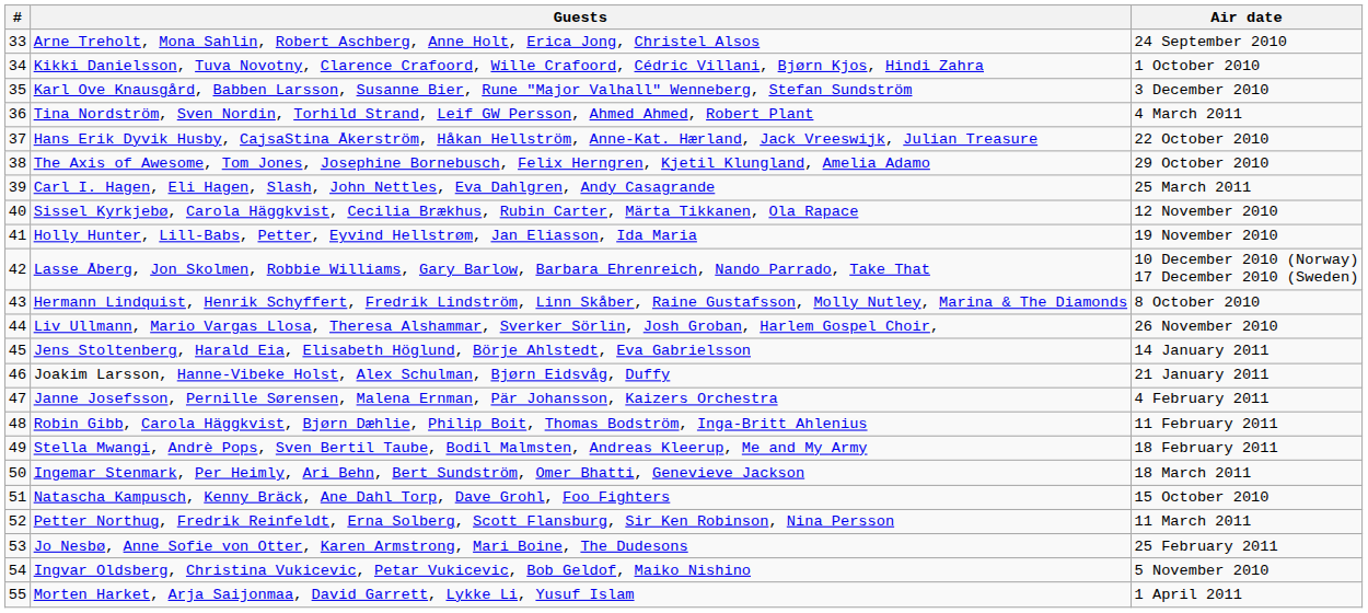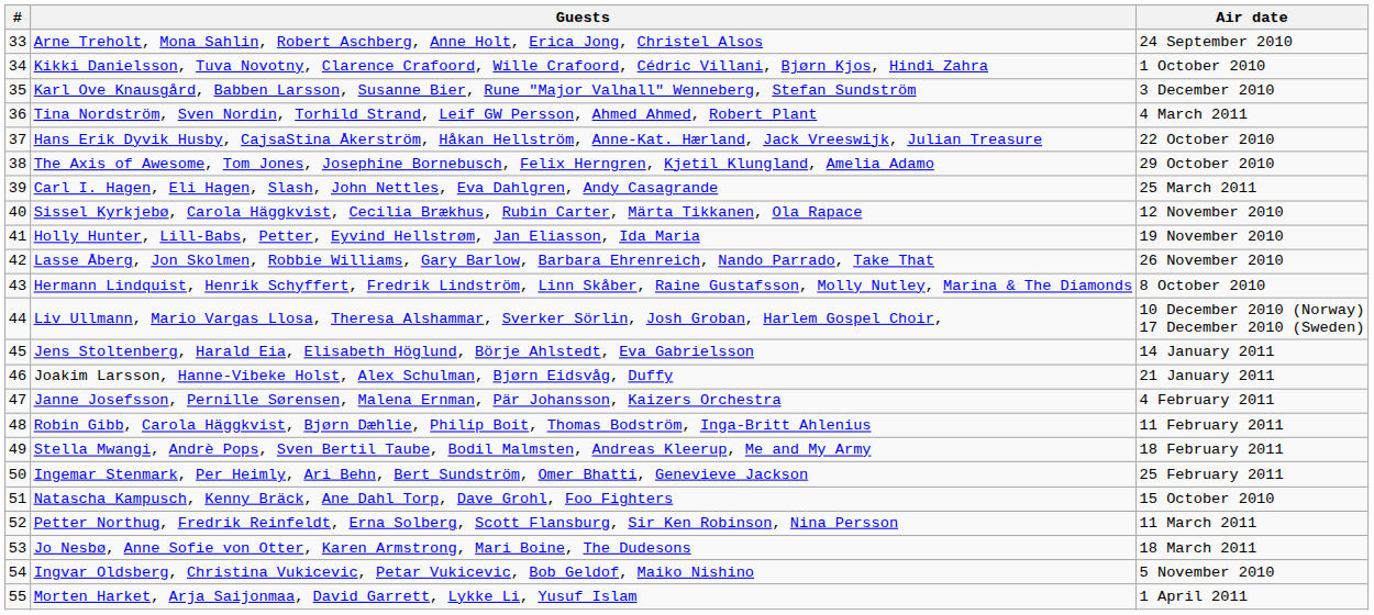 <table class="wikitable">
 <tr>
 <th>#</th>
 <th>Guests</th>
 <th>Air date</th>
 </tr>
 <tr>
 <td>33</td>
 <td><a href='#'>Arne Treholt</a>, <a href='#'>Mona Sahlin</a>, <a href='#'>Robert Aschberg</a>, <a href='#'>Anne Holt</a>, <a href='#'>Erica Jong</a>, <a href='#'>Christel Alsos</a></td>
 <td>24 September 2010</td>
 </tr>
 <tr>
 <td>34</td>
 <td><a href='#'>Kikki Danielsson</a>, <a href='#'>Tuva Novotny</a>, <a href='#'>Clarence Crafoord</a>, <a href='#'>Wille Crafoord</a>, <a href='#'>Cédric Villani</a>, <a href='#'>Bjørn Kjos</a>, <a href='#'>Hindi Zahra</a></td>
 <td>1 October 2010</td>
 </tr>
 <tr>
 <td>35</td>
 <td><a href='#'>Karl Ove Knausgård</a>, <a href='#'>Babben Larsson</a>, <a href='#'>Susanne Bier</a>, <a href='#'>Rune "Major Valhall" Wenneberg</a>, <a href='#'>Stefan Sundström</a></td>
 <td>3 December 2010</td>
 </tr>
 <tr>
 <td>36</td>
 <td><a href='#'>Tina Nordström</a>, <a href='#'>Sven Nordin</a>, <a href='#'>Torhild Strand</a>, <a href='#'>Leif GW Persson</a>, <a href='#'>Ahmed Ahmed</a>, <a href='#'>Robert Plant</a></td>
 <td>4 March 2011</td>
 </tr>
 <tr>
 <td>37</td>
 <td><a href='#'>Hans Erik Dyvik Husby</a>, <a href='#'>CajsaStina Åkerström</a>, <a href='#'>Håkan Hellström</a>, <a href='#'>Anne-Kat. Hærland</a>, <a href='#'>Jack Vreeswijk</a>, <a href='#'>Julian Treasure</a></td>
 <td>22 October 2010</td>
 </tr>
 <tr>
 <td>38</td>
 <td><a href='#'>The Axis of Awesome</a>, <a href='#'>Tom Jones</a>, <a href='#'>Josephine Bornebusch</a>, <a href='#'>Felix Herngren</a>, <a href='#'>Kjetil Klungland</a>, <a href='#'>Amelia Adamo</a></td>
 <td>29 October 2010</td>
 </tr>
 <tr>
 <td>39</td>
 <td><a href='#'>Carl I. Hagen</a>, <a href='#'>Eli Hagen</a>, <a href='#'>Slash</a>, <a href='#'>John Nettles</a>, <a href='#'>Eva Dahlgren</a>, <a href='#'>Andy Casagrande</a></td>
 <td>25 March 2011</td>
 </tr>
 <tr>
 <td>40</td>
 <td><a href='#'>Sissel Kyrkjebø</a>, <a href='#'>Carola Häggkvist</a>, <a href='#'>Cecilia Brækhus</a>, <a href='#'>Rubin Carter</a>, <a href='#'>Märta Tikkanen</a>, <a href='#'>Ola Rapace</a></td>
 <td>12 November 2010</td>
 </tr>
 <tr>
 <td>41</td>
 <td><a href='#'>Holly Hunter</a>, <a href='#'>Lill-Babs</a>, <a href='#'>Petter</a>, <a href='#'>Eyvind Hellstrøm</a>, <a href='#'>Jan Eliasson</a>, <a href='#'>Ida Maria</a></td>
 <td>19 November 2010</td>
 </tr>
 <tr>
 <td>42</td>
 <td><a href='#'>Lasse Åberg</a>, <a href='#'>Jon Skolmen</a>, <a href='#'>Robbie Williams</a>, <a href='#'>Gary Barlow</a>, <a href='#'>Barbara Ehrenreich</a>, <a href='#'>Nando Parrado</a>, <a href='#'>Take That</a></td>
-<td>10 December 2010 (Norway)<br>17 December 2010 (Sweden)</td>
+<td>26 November 2010</td>
 </tr>
 <tr>
 <td>43</td>
 <td><a href='#'>Hermann Lindquist</a>, <a href='#'>Henrik Schyffert</a>, <a href='#'>Fredrik Lindström</a>, <a href='#'>Linn Skåber</a>, <a href='#'>Raine Gustafsson</a>, <a href='#'>Molly Nutley</a>, <a href='#'>Marina & The Diamonds</a></td>
 <td>8 October 2010</td>
 </tr>
 <tr>
 <td>44</td>
 <td><a href='#'>Liv Ullmann</a>, <a href='#'>Mario Vargas Llosa</a>, <a href='#'>Theresa Alshammar</a>, <a href='#'>Sverker Sörlin</a>, <a href='#'>Josh Groban</a>, <a href='#'>Harlem Gospel Choir</a>,</td>
-<td>26 November 2010</td>
+<td>10 December 2010 (Norway)<br>17 December 2010 (Sweden)</td>
 </tr>
 <tr>
 <td>45</td>
 <td><a href='#'>Jens Stoltenberg</a>, <a href='#'>Harald Eia</a>, <a href='#'>Elisabeth Höglund</a>, <a href='#'>Börje Ahlstedt</a>, <a href='#'>Eva Gabrielsson</a></td>
 <td>14 January 2011</td>
 </tr>
 <tr>
 <td>46</td>
 <td>Joakim Larsson, <a href='#'>Hanne-Vibeke Holst</a>, <a href='#'>Alex Schulman</a>, <a href='#'>Bjørn Eidsvåg</a>, <a href='#'>Duffy</a></td>
 <td>21 January 2011</td>
 </tr>
 <tr>
 <td>47</td>
 <td><a href='#'>Janne Josefsson</a>, <a href='#'>Pernille Sørensen</a>, <a href='#'>Malena Ernman</a>, <a href='#'>Pär Johansson</a>, <a href='#'>Kaizers Orchestra</a></td>
 <td>4 February 2011</td>
 </tr>
 <tr>
 <td>48</td>
 <td><a href='#'>Robin Gibb</a>, <a href='#'>Carola Häggkvist</a>, <a href='#'>Bjørn Dæhlie</a>, <a href='#'>Philip Boit</a>, <a href='#'>Thomas Bodström</a>, <a href='#'>Inga-Britt Ahlenius</a></td>
 <td>11 February 2011</td>
 </tr>
 <tr>
 <td>49</td>
 <td><a href='#'>Stella Mwangi</a>, <a href='#'>Andrè Pops</a>, <a href='#'>Sven Bertil Taube</a>, <a href='#'>Bodil Malmsten</a>, <a href='#'>Andreas Kleerup</a>, <a href='#'>Me and My Army</a></td>
 <td>18 February 2011</td>
 </tr>
 <tr>
 <td>50</td>
 <td><a href='#'>Ingemar Stenmark</a>, <a href='#'>Per Heimly</a>, <a href='#'>Ari Behn</a>, <a href='#'>Bert Sundström</a>, <a href='#'>Omer Bhatti</a>, <a href='#'>Genevieve Jackson</a></td>
-<td>18 March 2011</td>
+<td>25 February 2011</td>
 </tr>
 <tr>
 <td>51</td>
 <td><a href='#'>Natascha Kampusch</a>, <a href='#'>Kenny Bräck</a>, <a href='#'>Ane Dahl Torp</a>, <a href='#'>Dave Grohl</a>, <a href='#'>Foo Fighters</a></td>
 <td>15 October 2010</td>
 </tr>
 <tr>
 <td>52</td>
 <td><a href='#'>Petter Northug</a>, <a href='#'>Fredrik Reinfeldt</a>, <a href='#'>Erna Solberg</a>, <a href='#'>Scott Flansburg</a>, <a href='#'>Sir Ken Robinson</a>, <a href='#'>Nina Persson</a></td>
 <td>11 March 2011</td>
 </tr>
 <tr>
 <td>53</td>
 <td><a href='#'>Jo Nesbø</a>, <a href='#'>Anne Sofie von Otter</a>, <a href='#'>Karen Armstrong</a>, <a href='#'>Mari Boine</a>, <a href='#'>The Dudesons</a></td>
-<td>25 February 2011</td>
+<td>18 March 2011</td>
 </tr>
 <tr>
 <td>54</td>
 <td><a href='#'>Ingvar Oldsberg</a>, <a href='#'>Christina Vukicevic</a>, <a href='#'>Petar Vukicevic</a>, <a href='#'>Bob Geldof</a>, <a href='#'>Maiko Nishino</a></td>
 <td>5 November 2010</td>
 </tr>
 <tr>
 <td>55</td>
 <td><a href='#'>Morten Harket</a>, <a href='#'>Arja Saijonmaa</a>, <a href='#'>David Garrett</a>, <a href='#'>Lykke Li</a>, <a href='#'>Yusuf Islam</a></td>
 <td>1 April 2011</td>
 </tr>
 </table>
